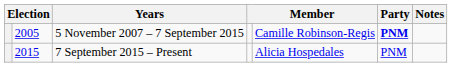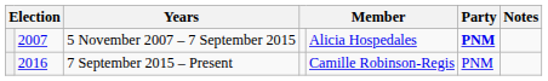 <table class="wikitable sortable" style="valign:top">
 <tr>
 <th colspan="2">Election</th>
 <th>Years</th>
 <th colspan="2">Member</th>
 <th>Party</th>
 <th>Notes</th>
 </tr>
 <tr>
 <th style="background-color: "></th>
-<td><a href='#'>2005</a></td>
+<td><a href='#'>2007</a></td>
 <td>5 November 2007 – 7 September 2015</td>
 <td></td>
-<td><a href='#'>Camille Robinson-Regis</a></td>
+<td><a href='#'>Alicia Hospedales</a></td>
 <td><strong><a href='#'>PNM</a></strong></td>
 <td></td>
 </tr>
 <tr>
 <th style="background-color: "></th>
-<td><a href='#'>2015</a></td>
+<td><a href='#'>2016</a></td>
 <td>7 September 2015 – Present</td>
 <td></td>
-<td><a href='#'>Alicia Hospedales</a></td>
+<td><a href='#'>Camille Robinson-Regis</a></td>
 <td><a href='#'>PNM</a></td>
 <td></td>
 </tr>
 </table>
